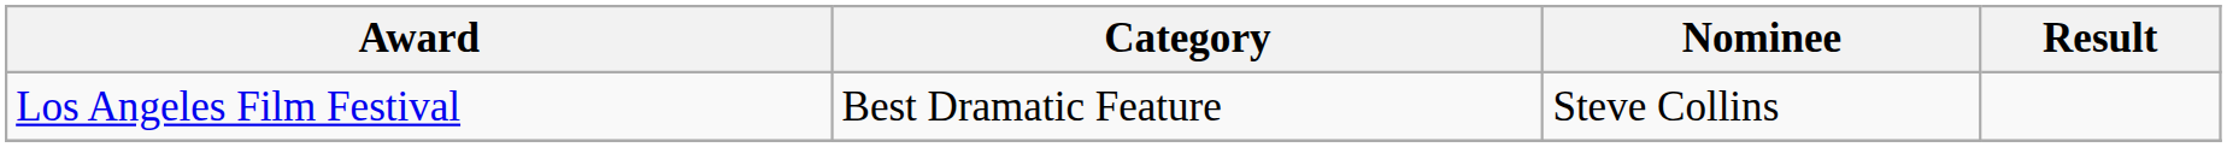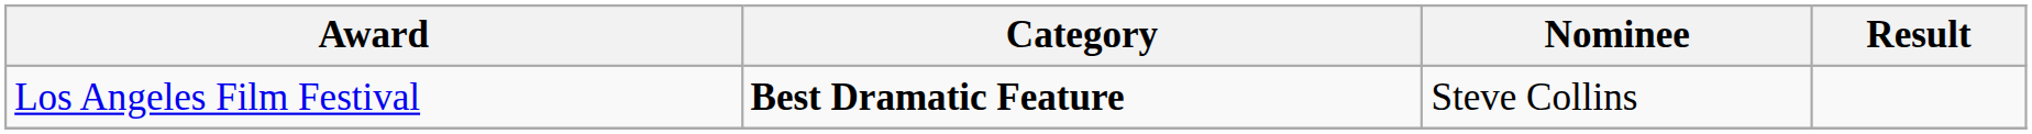 <table class="wikitable" style="width:95%;">
 <tr>
 <th>Award</th>
 <th>Category</th>
 <th>Nominee</th>
 <th>Result</th>
 </tr>
 <tr>
 <td rowspan=1><a href='#'>Los Angeles Film Festival</a></td>
-<td>Best Dramatic Feature</td>
+<td><strong>Best Dramatic Feature</strong></td>
 <td>Steve Collins</td>
 <td></td>
 </tr>
 <tr>
 </tr>
 </table>
